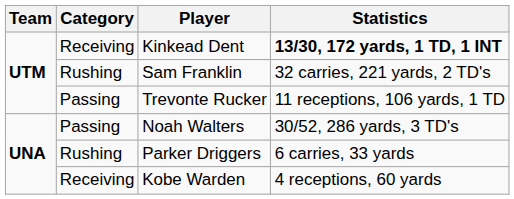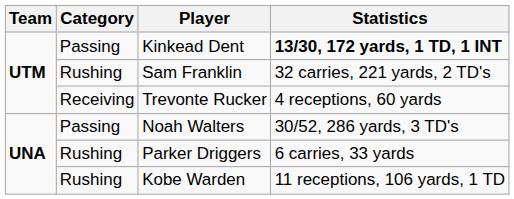 <table class="wikitable" style="float: right;">
 <tr>
 <th>Team</th>
 <th>Category</th>
 <th>Player</th>
 <th>Statistics</th>
 </tr>
 <tr>
 <td rowspan=3><strong>UTM</strong></td>
-<td>Receiving</td>
+<td>Passing</td>
 <td>Kinkead Dent</td>
 <td><strong>13/30, 172 yards, 1 TD, 1 INT</strong></td>
 </tr>
 <tr>
 <td>Rushing</td>
 <td>Sam Franklin</td>
 <td>32 carries, 221 yards, 2 TD's</td>
 </tr>
 <tr>
-<td>Passing</td>
+<td>Receiving</td>
 <td>Trevonte Rucker</td>
-<td>11 receptions, 106 yards, 1 TD</td>
+<td>4 receptions, 60 yards</td>
 </tr>
 <tr>
 <td rowspan=3><strong>UNA</strong></td>
 <td>Passing</td>
 <td>Noah Walters</td>
 <td>30/52, 286 yards, 3 TD's</td>
 </tr>
 <tr>
 <td>Rushing</td>
 <td>Parker Driggers</td>
 <td>6 carries, 33 yards</td>
 </tr>
 <tr>
-<td>Receiving</td>
+<td>Rushing</td>
 <td>Kobe Warden</td>
-<td>4 receptions, 60 yards</td>
+<td>11 receptions, 106 yards, 1 TD</td>
 </tr>
 </table>
